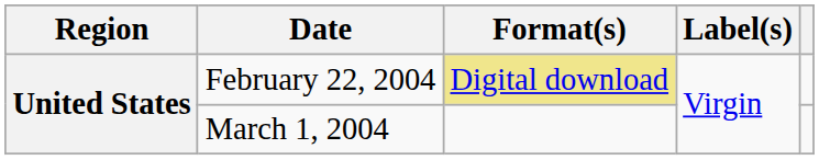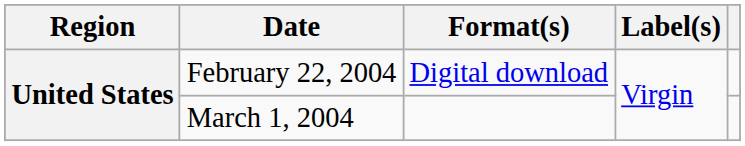 <table class="wikitable sortable plainrowheaders">
 <tr>
 <th scope="col">Region</th>
 <th scope="col">Date</th>
 <th scope="col">Format(s)</th>
 <th scope="col">Label(s)</th>
 <th scope="col"></th>
 </tr>
 <tr>
 <th scope="row" rowspan="2">United States</th>
 <td>February 22, 2004</td>
-<td style="background: khaki;"><a href='#'>Digital download</a></td>
+<td><a href='#'>Digital download</a></td>
 <td rowspan="2"><a href='#'>Virgin</a></td>
 <td></td>
 </tr>
 <tr>
 <td>March 1, 2004</td>
 <td></td>
 <td></td>
 </tr>
 </table>
